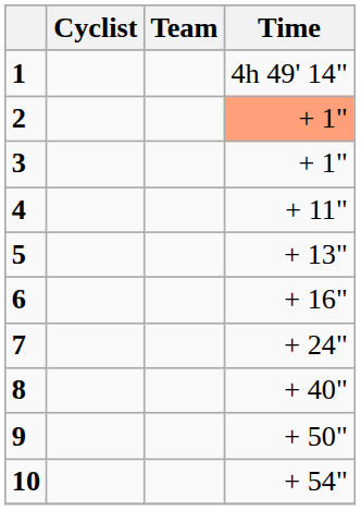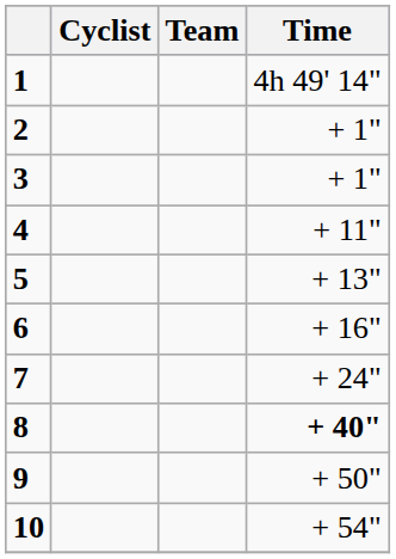 <table class="wikitable">
 <tr style="background:#ccccff;">
 <th></th>
 <th>Cyclist</th>
 <th>Team</th>
 <th>Time</th>
 </tr>
 <tr>
 <td><strong>1</strong></td>
 <td><strong></strong></td>
 <td><strong></strong></td>
 <td align=right>4h 49' 14"</td>
 </tr>
 <tr>
 <td><strong>2</strong></td>
 <td></td>
 <td></td>
-<td align=right style="background: lightsalmon;">+ 1"</td>
+<td align=right>+ 1"</td>
 </tr>
 <tr>
 <td><strong>3</strong></td>
 <td></td>
 <td></td>
 <td align=right>+ 1"</td>
 </tr>
 <tr>
 <td><strong>4</strong></td>
 <td></td>
 <td></td>
 <td align=right>+ 11"</td>
 </tr>
 <tr>
 <td><strong>5</strong></td>
 <td></td>
 <td></td>
 <td align=right>+ 13"</td>
 </tr>
 <tr>
 <td><strong>6</strong></td>
 <td></td>
 <td></td>
 <td align=right>+ 16"</td>
 </tr>
 <tr>
 <td><strong>7</strong></td>
 <td></td>
 <td></td>
 <td align=right>+ 24"</td>
 </tr>
 <tr>
 <td><strong>8</strong></td>
 <td></td>
 <td></td>
-<td align=right>+ 40"</td>
+<td align=right><strong>+ 40"</strong></td>
 </tr>
 <tr>
 <td><strong>9</strong></td>
 <td></td>
 <td></td>
 <td align=right>+ 50"</td>
 </tr>
 <tr>
 <td><strong>10</strong></td>
 <td></td>
 <td></td>
 <td align=right>+ 54"</td>
 </tr>
 <tr>
 </tr>
 </table>
